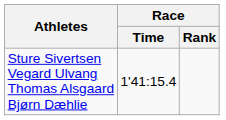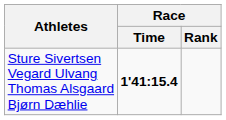 <table class="wikitable" style="font-size:90%">
 <tr>
 <th rowspan=2>Athletes</th>
 <th colspan=2>Race</th>
 </tr>
 <tr>
 <th>Time</th>
 <th>Rank</th>
 </tr>
 <tr>
 <td><a href='#'>Sture Sivertsen</a><br><a href='#'>Vegard Ulvang</a><br><a href='#'>Thomas Alsgaard</a><br><a href='#'>Bjørn Dæhlie</a></td>
-<td align=center>1'41:15.4</td>
+<td align=center><strong>1'41:15.4</strong></td>
 <td align=center></td>
 </tr>
 </table>
